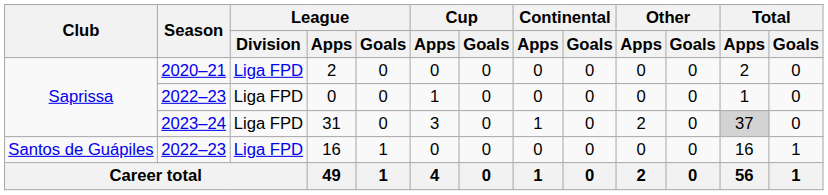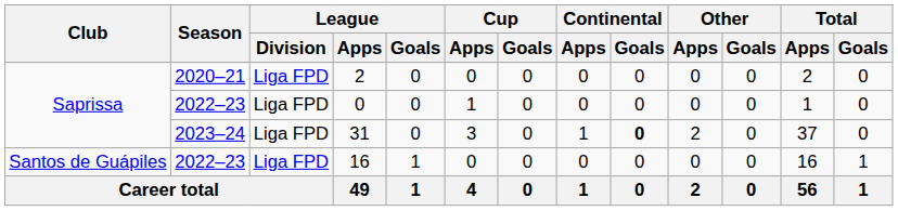 <table class="wikitable" style="text-align: center">
 <tr>
 <th rowspan="2">Club</th>
 <th rowspan="2">Season</th>
 <th colspan="3">League</th>
 <th colspan="2">Cup</th>
 <th colspan="2">Continental</th>
 <th colspan="2">Other</th>
 <th colspan="2">Total</th>
 </tr>
 <tr>
 <th>Division</th>
 <th>Apps</th>
 <th>Goals</th>
 <th>Apps</th>
 <th>Goals</th>
 <th>Apps</th>
 <th>Goals</th>
 <th>Apps</th>
 <th>Goals</th>
 <th>Apps</th>
 <th>Goals</th>
 </tr>
 <tr>
 <td rowspan="3"><a href='#'>Saprissa</a></td>
 <td><a href='#'>2020–21</a></td>
 <td><a href='#'>Liga FPD</a></td>
 <td>2</td>
 <td>0</td>
 <td>0</td>
 <td>0</td>
 <td>0</td>
 <td>0</td>
 <td>0</td>
 <td>0</td>
 <td>2</td>
 <td>0</td>
 </tr>
 <tr>
 <td><a href='#'>2022–23</a></td>
 <td>Liga FPD</td>
 <td>0</td>
 <td>0</td>
 <td>1</td>
 <td>0</td>
 <td>0</td>
 <td>0</td>
 <td>0</td>
 <td>0</td>
 <td>1</td>
 <td>0</td>
 </tr>
 <tr>
 <td><a href='#'>2023–24</a></td>
 <td>Liga FPD</td>
 <td>31</td>
 <td>0</td>
 <td>3</td>
 <td>0</td>
 <td>1</td>
-<td>0</td>
+<td><strong>0</strong></td>
 <td>2</td>
 <td>0</td>
-<td style="background: lightgrey;">37</td>
+<td>37</td>
 <td>0</td>
 </tr>
 <tr>
 <td><a href='#'>Santos de Guápiles</a></td>
 <td><a href='#'>2022–23</a></td>
 <td><a href='#'>Liga FPD</a></td>
 <td>16</td>
 <td>1</td>
 <td>0</td>
 <td>0</td>
 <td>0</td>
 <td>0</td>
 <td>0</td>
 <td>0</td>
 <td>16</td>
 <td>1</td>
 </tr>
 <tr>
 <th colspan="3"><strong>Career total</strong></th>
 <th>49</th>
 <th>1</th>
 <th>4</th>
 <th>0</th>
 <th>1</th>
 <th>0</th>
 <th>2</th>
 <th>0</th>
 <th>56</th>
 <th>1</th>
 </tr>
 </table>
